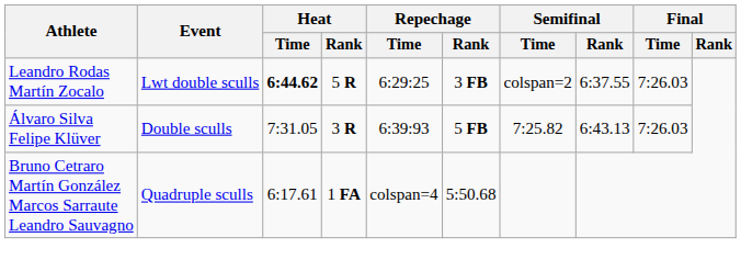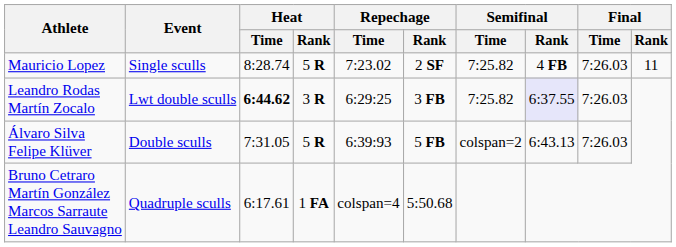 <table class="wikitable" style="font-size:90%;text-align:center">
 <tr>
 <th rowspan=2>Athlete</th>
 <th rowspan=2>Event</th>
 <th colspan=2>Heat</th>
 <th colspan=2>Repechage</th>
 <th colspan=2>Semifinal</th>
 <th colspan=2>Final</th>
 </tr>
 <tr style=font-size:95%>
 <th>Time</th>
 <th>Rank</th>
 <th>Time</th>
 <th>Rank</th>
 <th>Time</th>
 <th>Rank</th>
 <th>Time</th>
 <th>Rank</th>
 </tr>
+<tr>
+<td align=left><a href='#'>Mauricio Lopez</a></td>
+<td align=left><a href='#'>Single sculls</a></td>
+<td>8:28.74</td>
+<td>5 <strong>R</strong></td>
+<td>7:23.02</td>
+<td>2 <strong>SF</strong></td>
+<td>7:25.82</td>
+<td>4 <strong>FB</strong></td>
+<td>7:26.03</td>
+<td>11</td>
+</tr>
 <tr align=center>
 <td align=left><a href='#'>Leandro Rodas</a><br><a href='#'>Martín Zocalo</a></td>
 <td align=left><a href='#'>Lwt double sculls</a></td>
 <td><strong>6:44.62</strong></td>
-<td>5 <strong>R</strong></td>
+<td>3 <strong>R</strong></td>
 <td>6:29:25</td>
 <td>3 <strong>FB</strong></td>
-<td>colspan=2 </td>
-<td>6:37.55</td>
+<td>7:25.82</td>
+<td style="background: lavender;">6:37.55</td>
 <td>7:26.03</td>
 </tr>
 <tr align=center>
 <td align=left><a href='#'>Álvaro Silva</a><br><a href='#'>Felipe Klüver</a></td>
 <td align=left><a href='#'>Double sculls</a></td>
 <td>7:31.05</td>
-<td>3 <strong>R</strong></td>
+<td>5 <strong>R</strong></td>
 <td>6:39:93</td>
 <td>5 <strong>FB</strong></td>
-<td>7:25.82</td>
+<td>colspan=2 </td>
 <td>6:43.13</td>
 <td>7:26.03</td>
 </tr>
 <tr align=center>
 <td align=left><a href='#'>Bruno Cetraro</a><br><a href='#'>Martín González</a><br><a href='#'>Marcos Sarraute</a><br><a href='#'>Leandro Sauvagno</a></td>
 <td align=left><a href='#'>Quadruple sculls</a></td>
 <td>6:17.61</td>
 <td>1 <strong>FA</strong></td>
 <td>colspan=4 </td>
 <td>5:50.68</td>
 <td> </td>
 </tr>
 </table>
